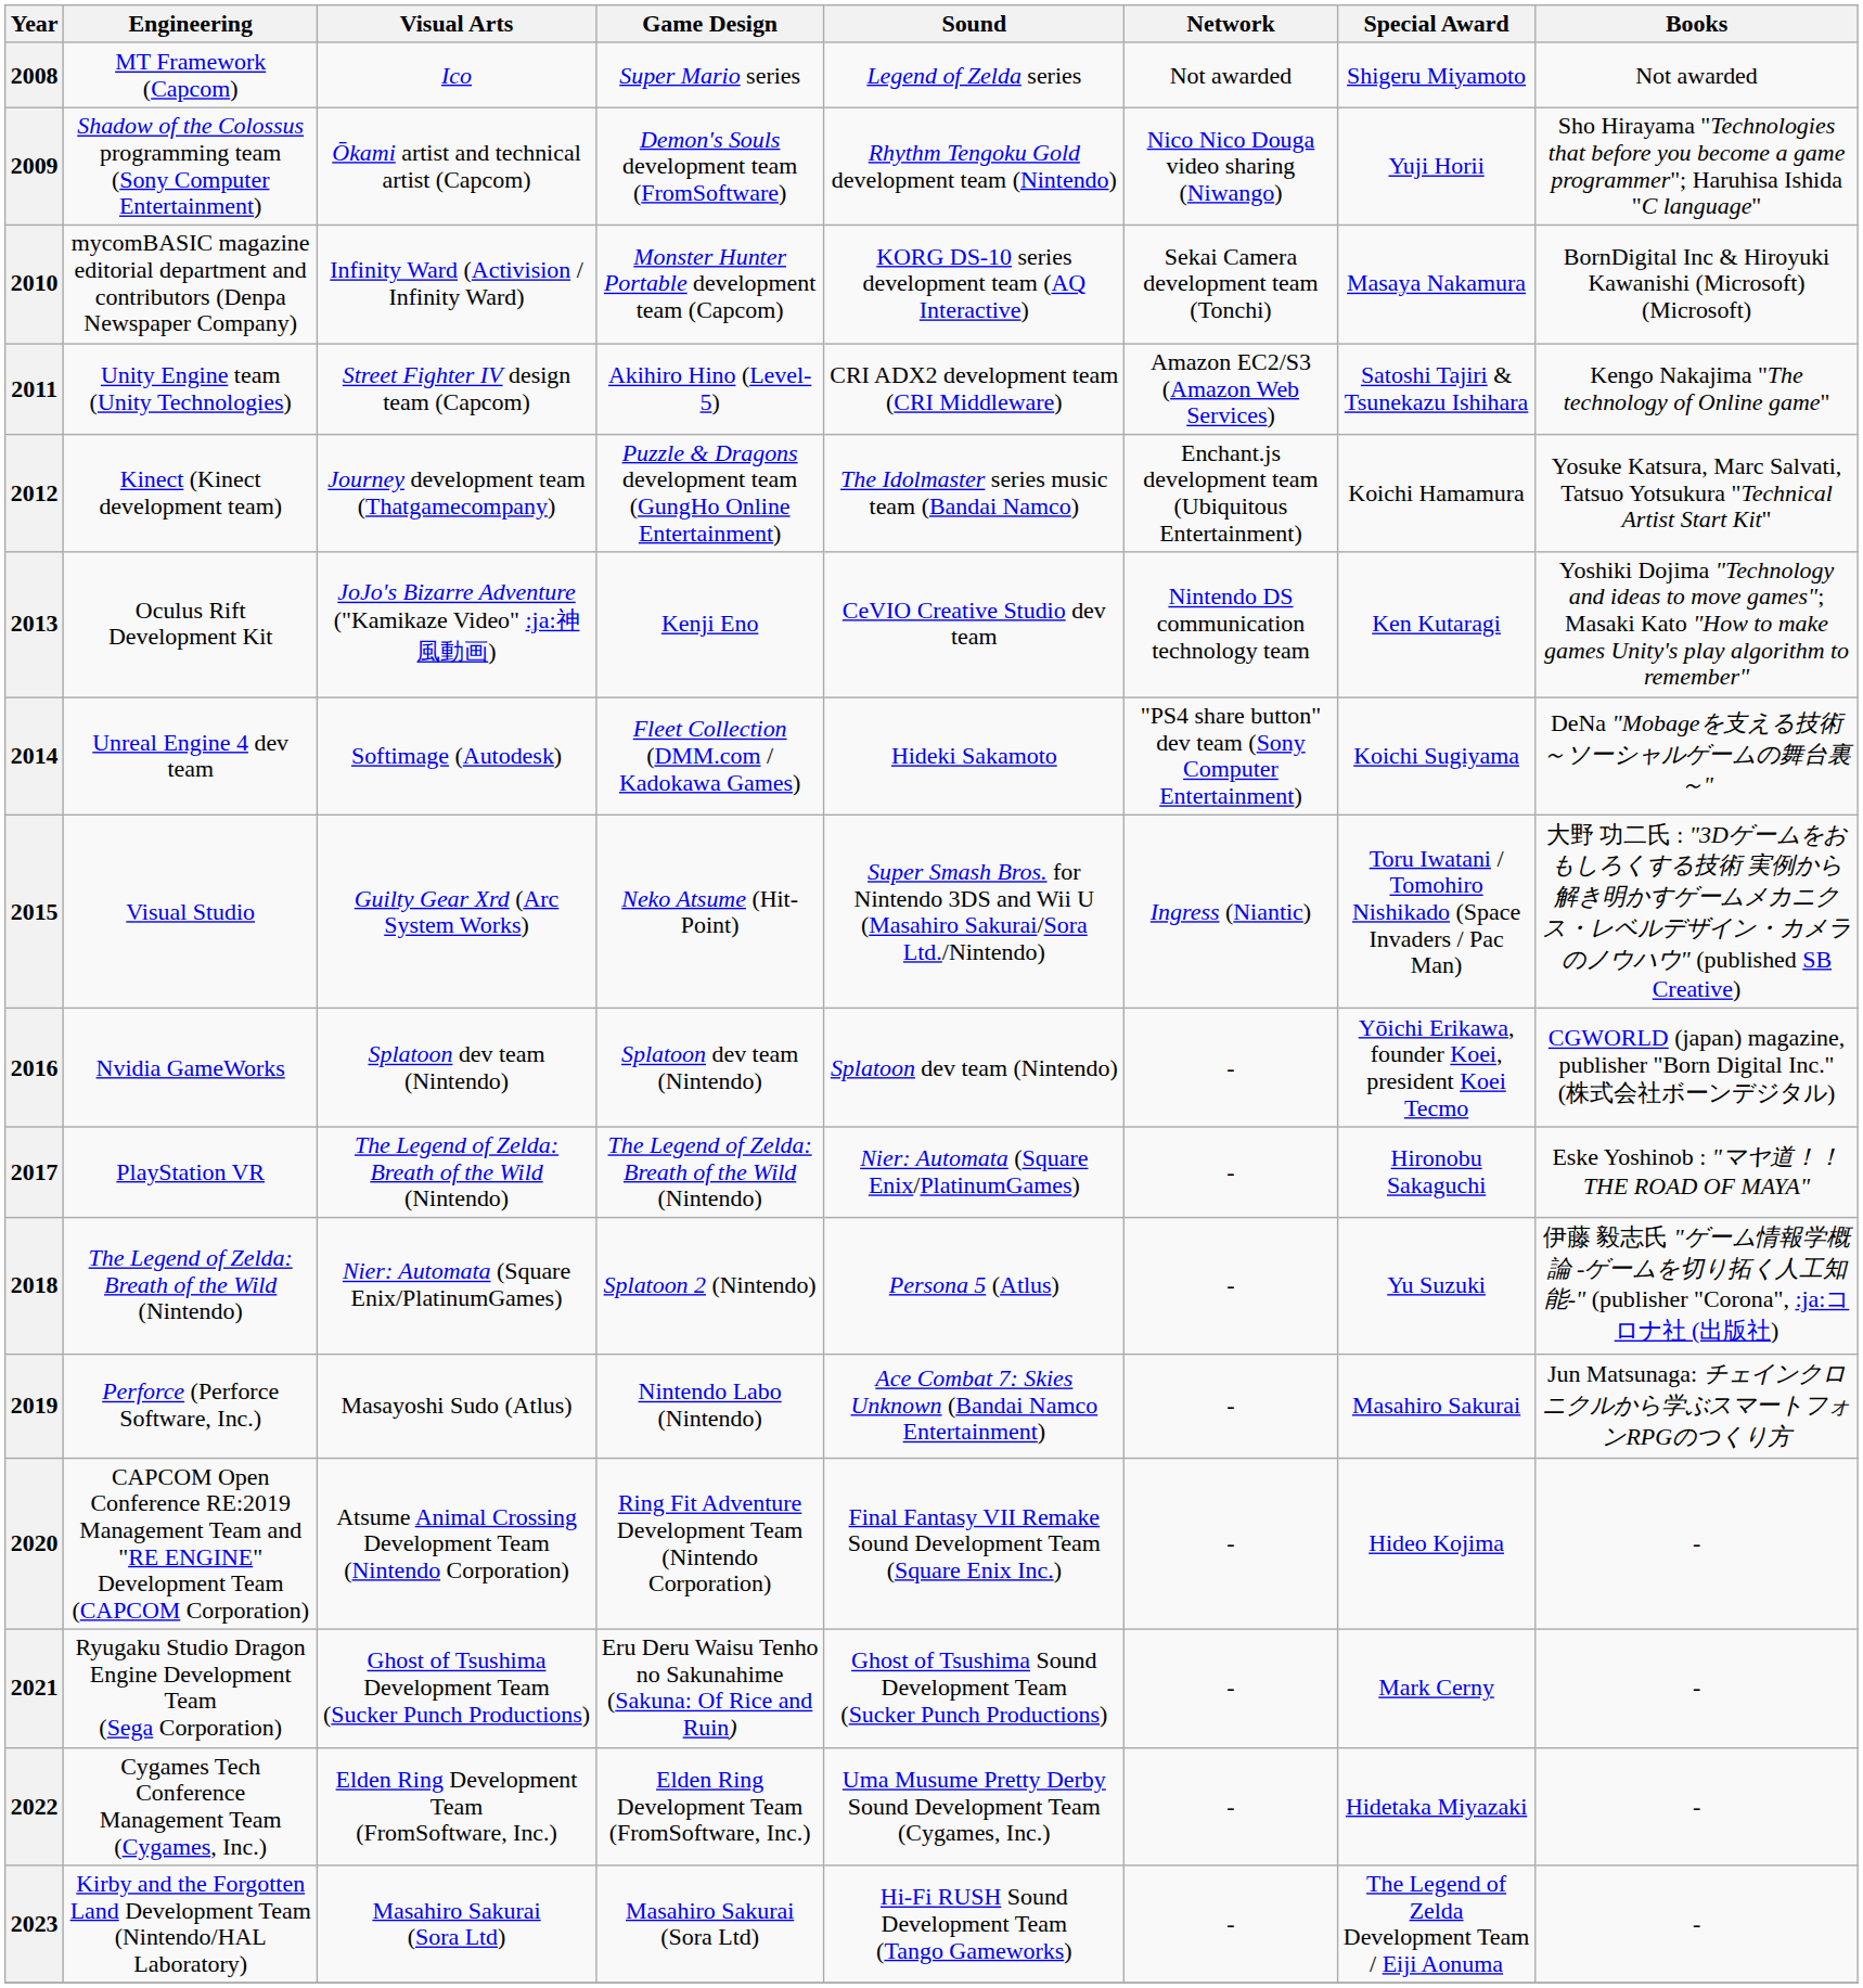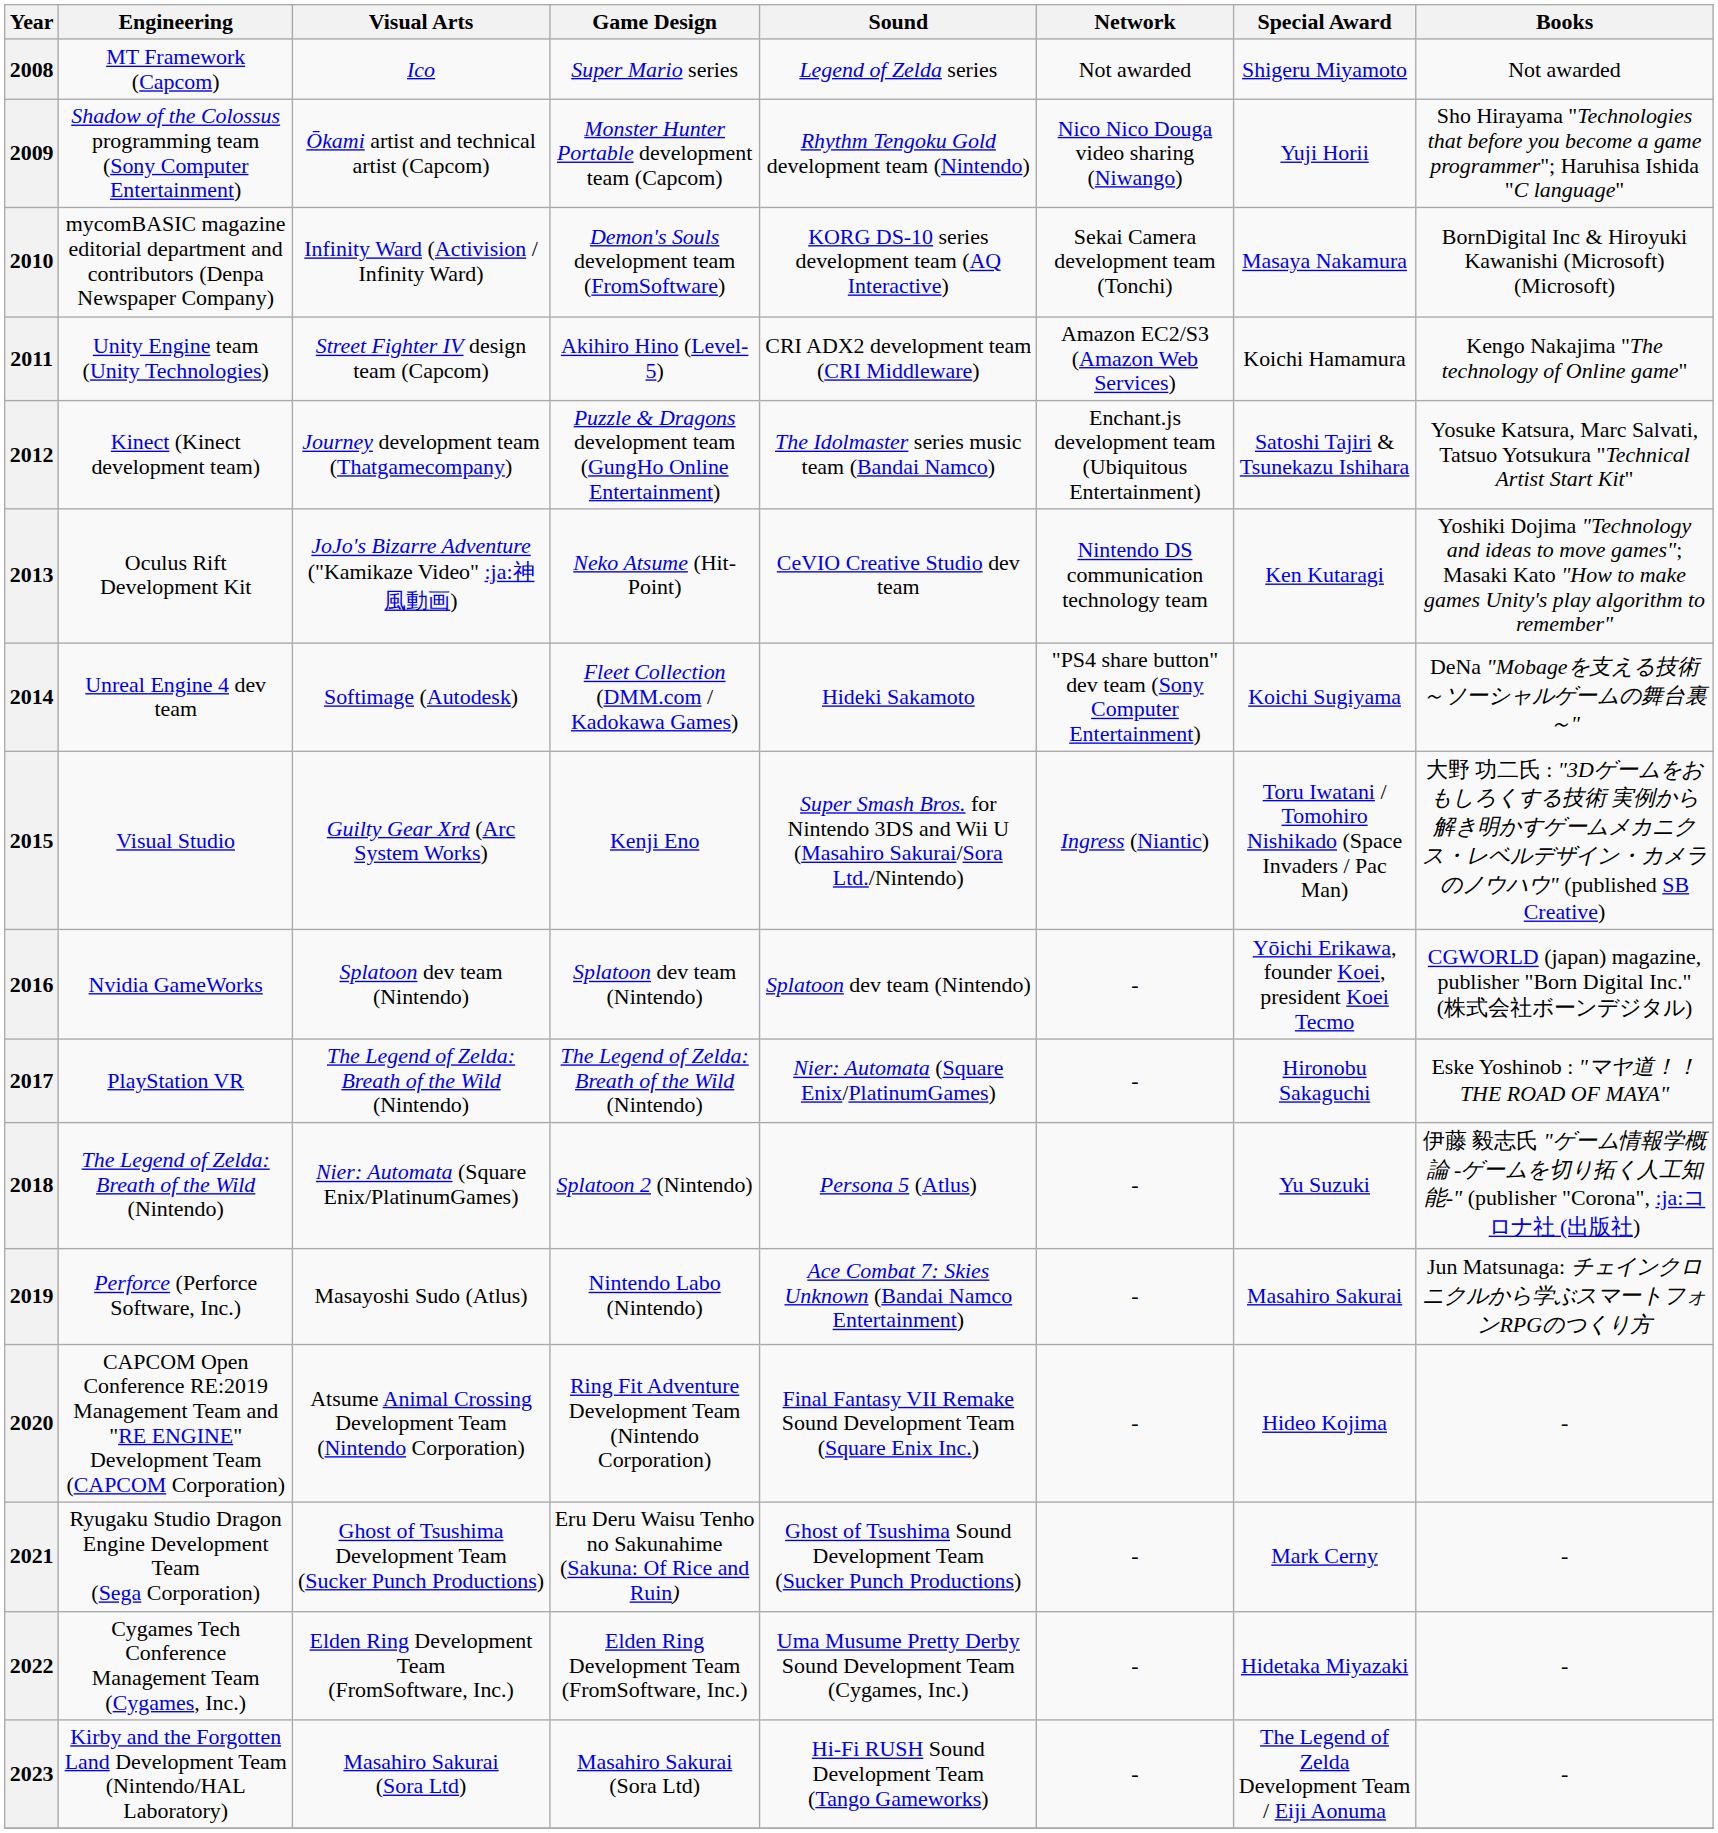 <table class="wikitable sortable" style="text-align:center;" width="auto">
 <tr>
 <th>Year</th>
 <th>Engineering</th>
 <th>Visual Arts</th>
 <th>Game Design</th>
 <th>Sound</th>
 <th>Network</th>
 <th>Special Award</th>
 <th>Books</th>
 </tr>
 <tr>
 <th>2008<br></th>
 <td><a href='#'>MT Framework</a> (<a href='#'>Capcom</a>)</td>
 <td><em><a href='#'>Ico</a></em></td>
 <td><em><a href='#'>Super Mario</a></em> series</td>
 <td><em><a href='#'>Legend of Zelda</a></em> series</td>
 <td>Not awarded</td>
 <td><a href='#'>Shigeru Miyamoto</a></td>
 <td>Not awarded</td>
 </tr>
 <tr>
 <th>2009</th>
 <td><em><a href='#'>Shadow of the Colossus</a></em> programming team (<a href='#'>Sony Computer Entertainment</a>)</td>
 <td><em><a href='#'>Ōkami</a></em> artist and technical artist (Capcom)</td>
-<td><em><a href='#'>Demon's Souls</a></em> development team (<a href='#'>FromSoftware</a>)</td>
+<td><em><a href='#'>Monster Hunter Portable</a></em> development team (Capcom)</td>
 <td><em><a href='#'>Rhythm Tengoku Gold</a></em> development team (<a href='#'>Nintendo</a>)</td>
 <td><a href='#'>Nico Nico Douga</a> video sharing (<a href='#'>Niwango</a>)</td>
 <td><a href='#'>Yuji Horii</a></td>
 <td>Sho Hirayama "<em>Technologies that before you become a game programmer</em>"; Haruhisa Ishida "<em>C language</em>"</td>
 </tr>
 <tr>
 <th>2010</th>
 <td>mycomBASIC magazine editorial department and contributors (Denpa Newspaper Company)</td>
 <td><a href='#'>Infinity Ward</a> (<a href='#'>Activision</a> / Infinity Ward)</td>
-<td><em><a href='#'>Monster Hunter Portable</a></em> development team (Capcom)</td>
+<td><em><a href='#'>Demon's Souls</a></em> development team (<a href='#'>FromSoftware</a>)</td>
 <td><a href='#'>KORG DS-10</a> series development team (<a href='#'>AQ Interactive</a>)</td>
 <td>Sekai Camera development team (Tonchi)</td>
 <td><a href='#'>Masaya Nakamura</a></td>
 <td>BornDigital Inc & Hiroyuki Kawanishi (Microsoft) (Microsoft)</td>
 </tr>
 <tr>
 <th>2011</th>
 <td><a href='#'>Unity Engine</a> team  (<a href='#'>Unity Technologies</a>)</td>
 <td><em><a href='#'>Street Fighter IV</a></em> design team (Capcom)</td>
 <td><a href='#'>Akihiro Hino</a> (<a href='#'>Level-5</a>)</td>
 <td>CRI ADX2 development team (<a href='#'>CRI Middleware</a>)</td>
 <td>Amazon EC2/S3 (<a href='#'>Amazon Web Services</a>)</td>
-<td><a href='#'>Satoshi Tajiri</a> & <a href='#'>Tsunekazu Ishihara</a></td>
+<td>Koichi Hamamura</td>
 <td>Kengo Nakajima "<em>The technology of Online game</em>"</td>
 </tr>
 <tr>
 <th>2012</th>
 <td><a href='#'>Kinect</a> (Kinect development team)</td>
 <td><em><a href='#'>Journey</a></em> development team (<a href='#'>Thatgamecompany</a>)</td>
 <td><em><a href='#'>Puzzle & Dragons</a></em> development team (<a href='#'>GungHo Online Entertainment</a>)</td>
 <td><em><a href='#'>The Idolmaster</a></em> series music team (<a href='#'>Bandai Namco</a>)</td>
 <td>Enchant.js development team (Ubiquitous Entertainment)</td>
-<td>Koichi Hamamura</td>
+<td><a href='#'>Satoshi Tajiri</a> & <a href='#'>Tsunekazu Ishihara</a></td>
 <td>Yosuke Katsura, Marc Salvati, Tatsuo Yotsukura "<em>Technical Artist Start Kit</em>"</td>
 </tr>
 <tr>
 <th>2013<br></th>
 <td>Oculus Rift Development Kit</td>
 <td><em><a href='#'>JoJo's Bizarre Adventure</a></em> ("Kamikaze Video" <a href='#'>:ja:神風動画</a>)</td>
-<td><a href='#'>Kenji Eno</a></td>
+<td><em><a href='#'>Neko Atsume</a></em> (Hit-Point)</td>
 <td><a href='#'>CeVIO Creative Studio</a> dev team</td>
 <td><a href='#'>Nintendo DS</a> communication technology team</td>
 <td><a href='#'>Ken Kutaragi</a></td>
 <td>Yoshiki Dojima <em>"Technology and ideas to move games"</em>; Masaki Kato <em>"How to make games Unity's play algorithm to remember"</em></td>
 </tr>
 <tr>
 <th>2014<br></th>
 <td><a href='#'>Unreal Engine 4</a> dev team</td>
 <td><a href='#'>Softimage</a> (<a href='#'>Autodesk</a>)</td>
 <td><em><a href='#'>Fleet Collection</a></em> (<a href='#'>DMM.com</a> / <a href='#'>Kadokawa Games</a>)</td>
 <td><a href='#'>Hideki Sakamoto</a></td>
 <td>"PS4 share button" dev team (<a href='#'>Sony Computer Entertainment</a>)</td>
 <td><a href='#'>Koichi Sugiyama</a></td>
 <td>DeNa <em>"Mobageを支える技術 ～ソーシャルゲームの舞台裏～"</em></td>
 </tr>
 <tr>
 <th>2015<br></th>
 <td><a href='#'>Visual Studio</a></td>
 <td><em><a href='#'>Guilty Gear Xrd</a></em> (<a href='#'>Arc System Works</a>)</td>
-<td><em><a href='#'>Neko Atsume</a></em> (Hit-Point)</td>
+<td><a href='#'>Kenji Eno</a></td>
 <td><em><a href='#'>Super Smash Bros.</a></em> for Nintendo 3DS and Wii U (<a href='#'>Masahiro Sakurai</a>/<a href='#'>Sora Ltd.</a>/Nintendo)</td>
 <td><em><a href='#'>Ingress</a></em> (<a href='#'>Niantic</a>)</td>
 <td><a href='#'>Toru Iwatani</a> / <a href='#'>Tomohiro Nishikado</a> (Space Invaders / Pac Man)</td>
 <td>大野 功二氏 : <em>"3Dゲームをおもしろくする技術 実例から解き明かすゲームメカニクス・レベルデザイン・カメラのノウハウ"</em> (published <a href='#'>SB Creative</a>)</td>
 </tr>
 <tr>
 <th>2016<br></th>
 <td><a href='#'>Nvidia GameWorks</a></td>
 <td><em><a href='#'>Splatoon</a></em> dev team (Nintendo)</td>
 <td><em><a href='#'>Splatoon</a></em> dev team (Nintendo)</td>
 <td><em><a href='#'>Splatoon</a></em> dev team (Nintendo)</td>
 <td>-</td>
 <td><a href='#'>Yōichi Erikawa</a>, founder <a href='#'>Koei</a>, president <a href='#'>Koei Tecmo</a></td>
 <td><a href='#'>CGWORLD</a> (japan) magazine, publisher "Born Digital Inc." (株式会社ボーンデジタル)</td>
 </tr>
 <tr>
 <th>2017<br></th>
 <td><a href='#'>PlayStation VR</a></td>
 <td><em><a href='#'>The Legend of Zelda: Breath of the Wild</a></em> (Nintendo)</td>
 <td><em><a href='#'>The Legend of Zelda: Breath of the Wild</a></em> (Nintendo)</td>
 <td><em><a href='#'>Nier: Automata</a></em> (<a href='#'>Square Enix</a>/<a href='#'>PlatinumGames</a>)</td>
 <td>-</td>
 <td><a href='#'>Hironobu Sakaguchi</a></td>
 <td>Eske Yoshinob : <em>"マヤ道！！THE ROAD OF MAYA"</em></td>
 </tr>
 <tr>
 <th>2018<br></th>
 <td><em><a href='#'>The Legend of Zelda: Breath of the Wild</a></em> (Nintendo)</td>
 <td><em><a href='#'>Nier: Automata</a></em> (Square Enix/PlatinumGames)</td>
 <td><em><a href='#'>Splatoon 2</a></em> (Nintendo)</td>
 <td><em><a href='#'>Persona 5</a></em> (<a href='#'>Atlus</a>)</td>
 <td>-</td>
 <td><a href='#'>Yu Suzuki</a></td>
 <td>伊藤 毅志氏 <em>"ゲーム情報学概論 -ゲームを切り拓く人工知能-"</em> (publisher "Corona", <a href='#'>:ja:コロナ社 (出版社</a>)</td>
 </tr>
 <tr>
 <th>2019<br></th>
 <td><em><a href='#'>Perforce</a></em> (Perforce Software, Inc.)</td>
 <td>Masayoshi Sudo (Atlus)</td>
 <td><a href='#'>Nintendo Labo</a> (Nintendo)</td>
 <td><em><a href='#'>Ace Combat 7: Skies Unknown</a></em> (<a href='#'>Bandai Namco Entertainment</a>)</td>
 <td>-</td>
 <td><a href='#'>Masahiro Sakurai</a></td>
 <td>Jun Matsunaga: <em>チェインクロニクルから学ぶスマートフォンRPGのつくり方</em></td>
 </tr>
 <tr>
 <th>2020<br></th>
 <td>CAPCOM Open Conference RE:2019<br>Management Team and "<a href='#'>RE ENGINE</a>" Development Team  (<a href='#'>CAPCOM</a> Corporation)</td>
 <td>Atsume <a href='#'>Animal Crossing</a> Development Team (<a href='#'>Nintendo</a> Corporation)</td>
 <td><a href='#'>Ring Fit Adventure</a> Development Team (Nintendo Corporation)</td>
 <td><a href='#'>Final Fantasy VII Remake</a> Sound Development Team (<a href='#'>Square Enix Inc.</a>)</td>
 <td>-</td>
 <td><a href='#'>Hideo Kojima</a></td>
 <td>-</td>
 </tr>
 <tr>
 <th>2021<br></th>
 <td>Ryugaku Studio Dragon Engine Development Team<br>(<a href='#'>Sega</a> Corporation)</td>
 <td><a href='#'>Ghost of Tsushima</a> Development Team<br>(<a href='#'>Sucker Punch Productions</a>)</td>
 <td>Eru Deru Waisu Tenho no Sakunahime (<a href='#'>Sakuna: Of Rice and Ruin</a><em>)</em></td>
 <td><a href='#'>Ghost of Tsushima</a> Sound Development Team<br>(<a href='#'>Sucker Punch Productions</a>)</td>
 <td>-</td>
 <td><a href='#'>Mark Cerny</a></td>
 <td>-</td>
 </tr>
 <tr>
 <th>2022<br></th>
 <td>Cygames Tech Conference<br>Management Team  (<a href='#'>Cygames</a>, Inc.)</td>
 <td><a href='#'>Elden Ring</a> Development Team<br>(FromSoftware, Inc.)</td>
 <td><a href='#'>Elden Ring</a> Development Team<br>(FromSoftware, Inc.)</td>
 <td><a href='#'>Uma Musume Pretty Derby</a> Sound Development Team<br>(Cygames, Inc.)</td>
 <td>-</td>
 <td><a href='#'>Hidetaka Miyazaki</a></td>
 <td>-</td>
 </tr>
 <tr>
 <th>2023<br></th>
 <td><a href='#'>Kirby and the Forgotten Land</a> Development Team<br>(Nintendo/HAL Laboratory)</td>
 <td><a href='#'>Masahiro Sakurai</a><br>(<a href='#'>Sora Ltd</a>)</td>
 <td><a href='#'>Masahiro Sakurai</a><br>(Sora Ltd)</td>
 <td><a href='#'>Hi-Fi RUSH</a> Sound Development Team<br>(<a href='#'>Tango Gameworks</a>)</td>
 <td>-</td>
 <td><a href='#'>The Legend of Zelda</a> Development Team / <a href='#'>Eiji Aonuma</a></td>
 <td>-</td>
 </tr>
 <tr>
 </tr>
 </table>
